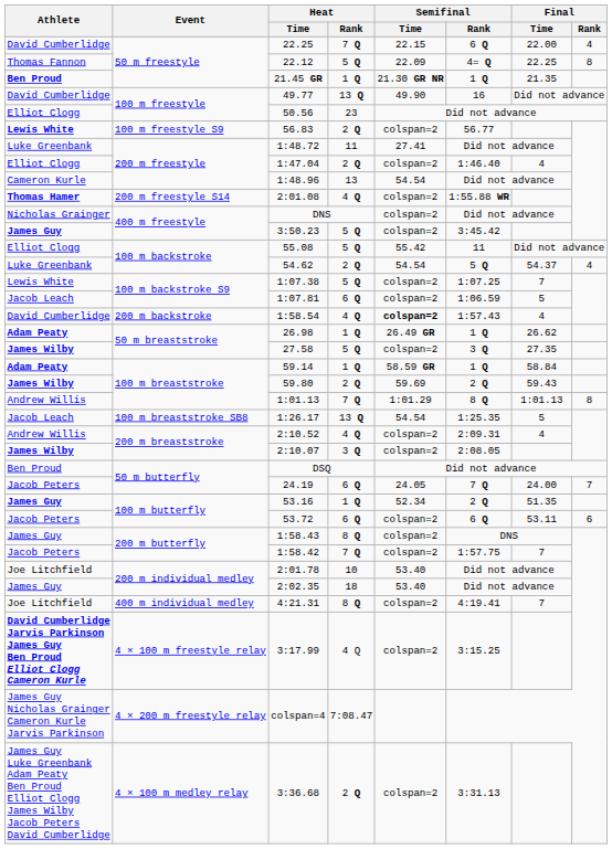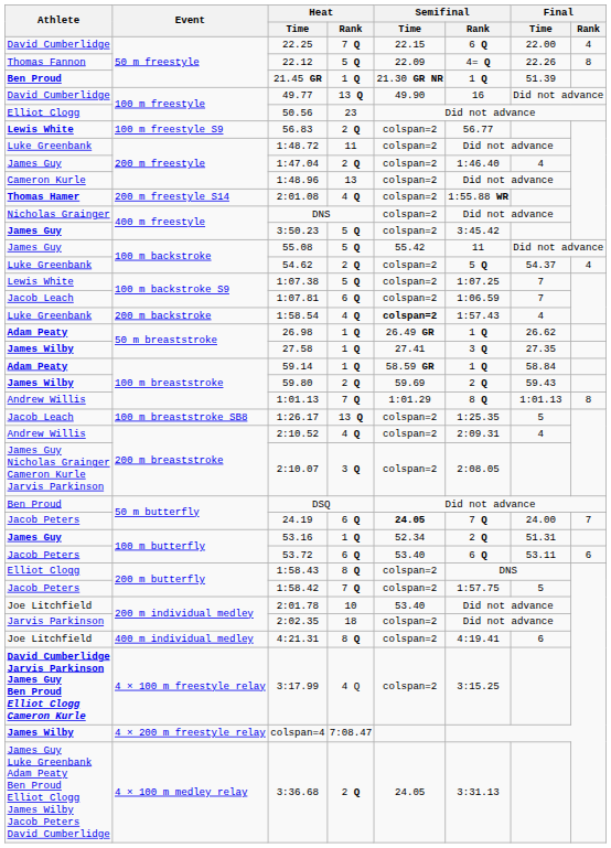 <table class=wikitable style=font-size:90%>
 <tr>
 <th rowspan=2>Athlete</th>
 <th rowspan=2>Event</th>
 <th colspan=2>Heat</th>
 <th colspan=2>Semifinal</th>
 <th colspan=2>Final</th>
 </tr>
 <tr style=font-size:95%>
 <th>Time</th>
 <th>Rank</th>
 <th>Time</th>
 <th>Rank</th>
 <th>Time</th>
 <th>Rank</th>
 </tr>
 <tr align=center>
 <td align=left><a href='#'>David Cumberlidge</a></td>
 <td align=left rowspan=3><a href='#'>50 m freestyle</a></td>
 <td>22.25</td>
 <td>7 <strong>Q</strong></td>
 <td>22.15</td>
 <td>6 <strong>Q</strong></td>
 <td>22.00</td>
 <td>4</td>
 </tr>
 <tr align=center>
 <td align=left><a href='#'>Thomas Fannon</a></td>
 <td>22.12</td>
 <td>5 <strong>Q</strong></td>
 <td>22.09</td>
 <td>4= <strong>Q</strong></td>
-<td>22.25</td>
+<td>22.26</td>
 <td>8</td>
 </tr>
 <tr align=center>
 <td align=left><strong><a href='#'>Ben Proud</a></strong></td>
 <td>21.45 <strong>GR</strong></td>
 <td>1 <strong>Q</strong></td>
 <td>21.30 <strong>GR</strong> <strong>NR</strong></td>
 <td>1 <strong>Q</strong></td>
-<td>21.35</td>
+<td>51.39</td>
 <td></td>
 </tr>
 <tr align=center>
 <td align=left><a href='#'>David Cumberlidge</a></td>
 <td align=left rowspan=2><a href='#'>100 m freestyle</a></td>
 <td>49.77</td>
 <td>13 <strong>Q</strong></td>
 <td>49.90</td>
 <td>16</td>
 <td colspan=2>Did not advance</td>
 </tr>
 <tr align=center>
 <td align=left><a href='#'>Elliot Clogg</a></td>
 <td>50.56</td>
 <td>23</td>
 <td colspan=4>Did not advance</td>
 </tr>
 <tr align=center>
 <td align=left><strong><a href='#'>Lewis White</a></strong></td>
 <td align=left><a href='#'>100 m freestyle S9</a></td>
 <td>56.83</td>
 <td>2 <strong>Q</strong></td>
 <td>colspan=2 </td>
 <td>56.77</td>
 <td></td>
 </tr>
 <tr align=center>
 <td align=left><a href='#'>Luke Greenbank</a></td>
 <td align=left rowspan=3><a href='#'>200 m freestyle</a></td>
 <td>1:48.72</td>
 <td>11</td>
-<td>27.41</td>
+<td>colspan=2 </td>
 <td colspan=2>Did not advance</td>
 </tr>
 <tr align=center>
-<td align=left><a href='#'>Elliot Clogg</a></td>
+<td align=left><a href='#'>James Guy</a></td>
 <td>1:47.04</td>
 <td>2 <strong>Q</strong></td>
 <td>colspan=2 </td>
 <td>1:46.40</td>
 <td>4</td>
 </tr>
 <tr align=center>
 <td align=left><a href='#'>Cameron Kurle</a></td>
 <td>1:48.96</td>
 <td>13</td>
-<td>54.54</td>
+<td>colspan=2 </td>
 <td colspan=2>Did not advance</td>
 </tr>
 <tr align=center>
 <td align=left><strong><a href='#'>Thomas Hamer</a></strong></td>
 <td align=left><a href='#'>200 m freestyle S14</a></td>
 <td>2:01.08</td>
 <td>4 <strong>Q</strong></td>
 <td>colspan=2 </td>
 <td>1:55.88 <strong>WR</strong></td>
 <td></td>
 </tr>
 <tr align=center>
 <td align=left><a href='#'>Nicholas Grainger</a></td>
 <td align=left rowspan=2><a href='#'>400 m freestyle</a></td>
 <td colspan=2>DNS</td>
 <td>colspan=2 </td>
 <td colspan=2>Did not advance</td>
 </tr>
 <tr align=center>
 <td align=left><strong><a href='#'>James Guy</a></strong></td>
 <td>3:50.23</td>
 <td>5 <strong>Q</strong></td>
 <td>colspan=2 </td>
 <td>3:45.42</td>
 <td></td>
 </tr>
 <tr align=center>
-<td align=left><a href='#'>Elliot Clogg</a></td>
+<td align=left><a href='#'>James Guy</a></td>
 <td align=left rowspan=2><a href='#'>100 m backstroke</a></td>
 <td>55.08</td>
 <td>5 <strong>Q</strong></td>
 <td>55.42</td>
 <td>11</td>
 <td colspan=2>Did not advance</td>
 </tr>
 <tr align=center>
 <td align=left><a href='#'>Luke Greenbank</a></td>
 <td>54.62</td>
 <td>2 <strong>Q</strong></td>
-<td>54.54</td>
+<td>colspan=2 </td>
 <td>5 <strong>Q</strong></td>
 <td>54.37</td>
 <td>4</td>
 </tr>
 <tr align=center>
 <td align=left><a href='#'>Lewis White</a></td>
 <td align=left rowspan=2><a href='#'>100 m backstroke S9</a></td>
 <td>1:07.38</td>
 <td>5 <strong>Q</strong></td>
 <td>colspan=2 </td>
 <td>1:07.25</td>
 <td>7</td>
 </tr>
 <tr align=center>
 <td align=left><a href='#'>Jacob Leach</a></td>
 <td>1:07.81</td>
 <td>6 <strong>Q</strong></td>
 <td>colspan=2 </td>
 <td>1:06.59</td>
-<td>5</td>
+<td>7</td>
 </tr>
 <tr align=center>
-<td align=left><a href='#'>David Cumberlidge</a></td>
+<td align=left><a href='#'>Luke Greenbank</a></td>
 <td align=left><a href='#'>200 m backstroke</a></td>
 <td>1:58.54</td>
 <td>4 <strong>Q</strong></td>
 <td><strong>colspan=2 </strong></td>
 <td>1:57.43</td>
 <td>4</td>
 </tr>
 <tr align=center>
 <td align=left><strong><a href='#'>Adam Peaty</a></strong></td>
 <td align=left rowspan=2><a href='#'>50 m breaststroke</a></td>
 <td>26.98</td>
 <td>1 <strong>Q</strong></td>
 <td>26.49 <strong>GR</strong></td>
 <td>1 <strong>Q</strong></td>
 <td>26.62</td>
 <td></td>
 </tr>
 <tr align=center>
 <td align=left><strong><a href='#'>James Wilby</a></strong></td>
 <td>27.58</td>
-<td>5 <strong>Q</strong></td>
-<td>colspan=2 </td>
+<td>1 <strong>Q</strong></td>
+<td>27.41</td>
 <td>3 <strong>Q</strong></td>
 <td>27.35</td>
 <td></td>
 </tr>
 <tr align=center>
 <td align=left><strong><a href='#'>Adam Peaty</a></strong></td>
 <td align=left rowspan=3><a href='#'>100 m breaststroke</a></td>
 <td>59.14</td>
 <td>1 <strong>Q</strong></td>
 <td>58.59 <strong>GR</strong></td>
 <td>1 <strong>Q</strong></td>
 <td>58.84</td>
 <td></td>
 </tr>
 <tr align=center>
 <td align=left><strong><a href='#'>James Wilby</a></strong></td>
 <td>59.80</td>
 <td>2 <strong>Q</strong></td>
 <td>59.69</td>
 <td>2 <strong>Q</strong></td>
 <td>59.43</td>
 <td></td>
 </tr>
 <tr align=center>
 <td align=left><a href='#'>Andrew Willis</a></td>
 <td>1:01.13</td>
 <td>7 <strong>Q</strong></td>
 <td>1:01.29</td>
 <td>8 <strong>Q</strong></td>
 <td>1:01.13</td>
 <td>8</td>
 </tr>
 <tr align=center>
 <td align=left><a href='#'>Jacob Leach</a></td>
 <td align=left rowspan=1><a href='#'>100 m breaststroke SB8</a></td>
 <td>1:26.17</td>
 <td>13 <strong>Q</strong></td>
-<td>54.54</td>
+<td>colspan=2 </td>
 <td>1:25.35</td>
 <td>5</td>
 </tr>
 <tr align=center>
 <td align=left><a href='#'>Andrew Willis</a></td>
 <td align=left rowspan=2><a href='#'>200 m breaststroke</a></td>
 <td>2:10.52</td>
 <td>4 <strong>Q</strong></td>
 <td>colspan=2 </td>
 <td>2:09.31</td>
 <td>4</td>
 </tr>
 <tr align=center>
-<td align=left><strong><a href='#'>James Wilby</a></strong></td>
+<td align=left></strong><a href='#'>James Guy</a><br><a href='#'>Nicholas Grainger</a><br><a href='#'>Cameron Kurle</a><br><a href='#'>Jarvis Parkinson</a><strong></td>
 <td>2:10.07</td>
 <td>3 <strong>Q</strong></td>
 <td>colspan=2 </td>
 <td>2:08.05</td>
 <td></td>
 </tr>
 <tr align=center>
 <td align=left><a href='#'>Ben Proud</a></td>
 <td align=left rowspan=2><a href='#'>50 m butterfly</a></td>
 <td colspan=2>DSQ</td>
 <td colspan=4>Did not advance</td>
 </tr>
 <tr align=center>
 <td align=left><a href='#'>Jacob Peters</a></td>
 <td>24.19</td>
 <td>6 <strong>Q</strong></td>
-<td>24.05</td>
+<td><strong>24.05</strong></td>
 <td>7 <strong>Q</strong></td>
 <td>24.00</td>
 <td>7</td>
 </tr>
 <tr align=center>
 <td align=left><strong><a href='#'>James Guy</a></strong></td>
 <td align=left rowspan=2><a href='#'>100 m butterfly</a></td>
 <td>53.16</td>
 <td>1 <strong>Q</strong></td>
 <td>52.34</td>
 <td>2 <strong>Q</strong></td>
-<td>51.35</td>
+<td>51.31</td>
 <td></td>
 </tr>
 <tr align=center>
 <td align=left><a href='#'>Jacob Peters</a></td>
 <td>53.72</td>
 <td>6 <strong>Q</strong></td>
-<td>colspan=2 </td>
+<td>53.40</td>
 <td>6 <strong>Q</strong></td>
 <td>53.11</td>
 <td>6</td>
 </tr>
 <tr align=center>
-<td align=left><a href='#'>James Guy</a></td>
+<td align=left><a href='#'>Elliot Clogg</a></td>
 <td align=left rowspan=2><a href='#'>200 m butterfly</a></td>
 <td>1:58.43</td>
 <td>8 <strong>Q</strong></td>
 <td>colspan=2 </td>
 <td colspan=2>DNS</td>
 </tr>
 <tr align=center>
 <td align=left><a href='#'>Jacob Peters</a></td>
 <td>1:58.42</td>
 <td>7 <strong>Q</strong></td>
 <td>colspan=2 </td>
 <td>1:57.75</td>
-<td>7</td>
+<td>5</td>
 </tr>
 <tr align=center>
 <td align=left>Joe Litchfield</td>
 <td align=left rowspan=2><a href='#'>200 m individual medley</a></td>
 <td>2:01.78</td>
 <td>10</td>
 <td>53.40</td>
 <td colspan=2>Did not advance</td>
 </tr>
 <tr align=center>
-<td align=left><a href='#'>James Guy</a></td>
+<td align=left><a href='#'>Jarvis Parkinson</a></td>
 <td>2:02.35</td>
 <td>18</td>
-<td>53.40</td>
+<td>colspan=2 </td>
 <td colspan=2>Did not advance</td>
 </tr>
 <tr align=center>
 <td align=left>Joe Litchfield</td>
 <td align=left><a href='#'>400 m individual medley</a></td>
 <td>4:21.31</td>
 <td>8 <strong>Q</strong></td>
 <td>colspan=2 </td>
 <td>4:19.41</td>
-<td>7</td>
+<td>6</td>
 </tr>
 <tr align=center>
 <td align=left><strong><a href='#'>David Cumberlidge</a><br><a href='#'>Jarvis Parkinson</a><br><a href='#'>James Guy</a><br><a href='#'>Ben Proud</a><br><em><a href='#'>Elliot Clogg</a></em><br><em><a href='#'>Cameron Kurle</a><strong><em></td>
 <td align=left><a href='#'>4 × 100 m freestyle relay</a></td>
 <td>3:17.99</td>
 <td>4 </strong>Q<strong></td>
 <td>colspan=2 </td>
 <td>3:15.25</td>
 <td></td>
 </tr>
 <tr align=center>
-<td align=left></strong><a href='#'>James Guy</a><br><a href='#'>Nicholas Grainger</a><br><a href='#'>Cameron Kurle</a><br><a href='#'>Jarvis Parkinson</a><strong></td>
+<td align=left><strong><a href='#'>James Wilby</a></strong></td>
 <td align=left><a href='#'>4 × 200 m freestyle relay</a></td>
 <td>colspan=4 </td>
 <td>7:08.47</td>
 <td></td>
 </tr>
 <tr align=center>
 <td align=left></strong><a href='#'>James Guy</a><br><a href='#'>Luke Greenbank</a><br><a href='#'>Adam Peaty</a><br><a href='#'>Ben Proud</a><br></em><a href='#'>Elliot Clogg</a><em><br></em><a href='#'>James Wilby</a><em><br></em><a href='#'>Jacob Peters</a><em><br></em><a href='#'>David Cumberlidge</a></em></strong></td>
 <td align=left><a href='#'>4 × 100 m medley relay</a></td>
 <td>3:36.68</td>
 <td>2 <strong>Q</strong></td>
-<td>colspan=2 </td>
+<td>24.05</td>
 <td>3:31.13</td>
 <td></td>
 </tr>
 </table>
